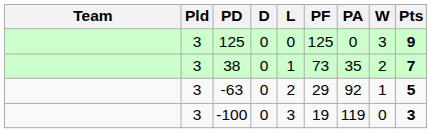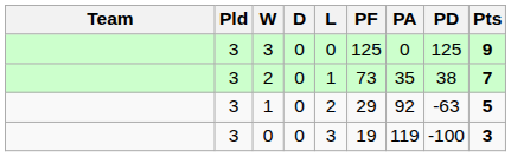 <table class="wikitable" style="text-align:center;">
 <tr>
 <th width=175>Team</th>
 <th width=20 abbr="Played">Pld</th>
-<th width=25 abbr="Points difference">PD</th>
+<th width=20 abbr="Won">W</th>
 <th width=20 abbr="Drawn">D</th>
 <th width=20 abbr="Lost">L</th>
 <th width=20 abbr="Points for">PF</th>
 <th width=20 abbr="Points against">PA</th>
-<th width=20 abbr="Won">W</th>
+<th width=25 abbr="Points difference">PD</th>
 <th width=20 abbr="Points">Pts</th>
 </tr>
 <tr bgcolor=ccffcc>
 <td align=left></td>
 <td>3</td>
-<td>125</td>
+<td>3</td>
 <td>0</td>
 <td>0</td>
 <td>125</td>
 <td>0</td>
-<td>3</td>
+<td>125</td>
 <td><strong> 9 </strong></td>
 </tr>
 <tr bgcolor=ccffcc>
 <td align=left></td>
 <td>3</td>
-<td>38</td>
+<td>2</td>
 <td>0</td>
 <td>1</td>
 <td>73</td>
 <td>35</td>
-<td>2</td>
+<td>38</td>
 <td><strong> 7 </strong></td>
 </tr>
 <tr>
 <td align=left></td>
 <td>3</td>
-<td>-63</td>
+<td>1</td>
 <td>0</td>
 <td>2</td>
 <td>29</td>
 <td>92</td>
-<td>1</td>
+<td>-63</td>
 <td><strong> 5 </strong></td>
 </tr>
 <tr>
 <td align=left></td>
 <td>3</td>
-<td>-100</td>
+<td>0</td>
 <td>0</td>
 <td>3</td>
 <td>19</td>
 <td>119</td>
-<td>0</td>
+<td>-100</td>
 <td><strong> 3 </strong></td>
 </tr>
 </table>
